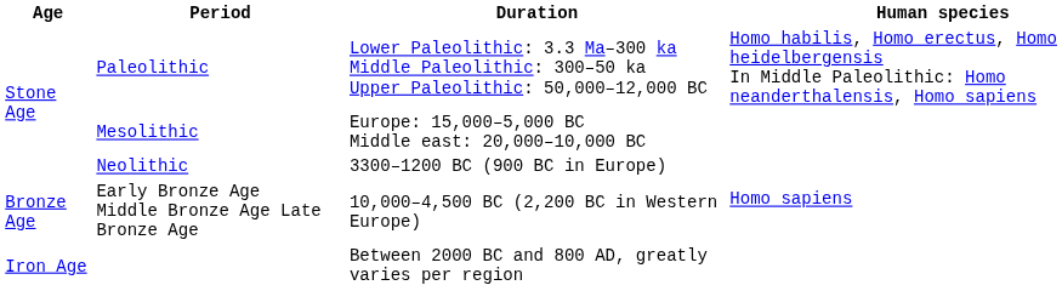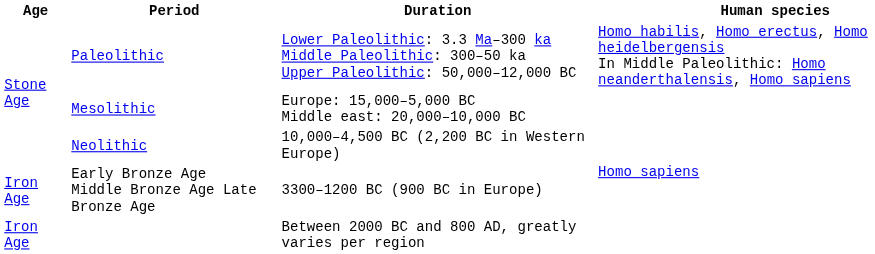 <table class="standard">
 <tr>
 <th>Age</th>
 <th>Period</th>
 <th>Duration</th>
 <th>Human species</th>
 </tr>
 <tr>
 <td rowspan="3"><a href='#'>Stone Age</a></td>
 <td><a href='#'>Paleolithic</a></td>
 <td><a href='#'>Lower Paleolithic</a>: 3.3 <a href='#'>Ma</a>–300 <a href='#'>ka</a><br><a href='#'>Middle Paleolithic</a>: 300–50 ka<br><a href='#'>Upper Paleolithic</a>: 50,000–12,000 BC</td>
 <td><a href='#'>Homo habilis</a>, <a href='#'>Homo erectus</a>, <a href='#'>Homo heidelbergensis</a><br>In Middle Paleolithic: <a href='#'>Homo neanderthalensis</a>, <a href='#'>Homo sapiens</a></td>
 </tr>
 <tr>
 <td><a href='#'>Mesolithic</a></td>
 <td>Europe: 15,000–5,000 BC<br>Middle east: 20,000–10,000 BC</td>
 <td rowspan="4"><a href='#'>Homo sapiens</a></td>
 </tr>
 <tr>
 <td><a href='#'>Neolithic</a></td>
-<td>3300–1200 BC (900 BC in Europe)</td>
+<td>10,000–4,500 BC (2,200 BC in Western Europe)</td>
 </tr>
 <tr>
-<td><a href='#'>Bronze Age</a></td>
+<td><a href='#'>Iron Age</a></td>
 <td>Early Bronze Age<br>Middle Bronze Age Late Bronze Age</td>
-<td>10,000–4,500 BC (2,200 BC in Western Europe)</td>
+<td>3300–1200 BC (900 BC in Europe)</td>
 </tr>
 <tr>
 <td><a href='#'>Iron Age</a></td>
 <td></td>
 <td>Between 2000 BC and 800 AD, greatly varies per region</td>
 </tr>
 </table>
